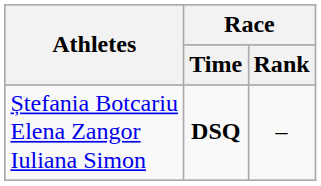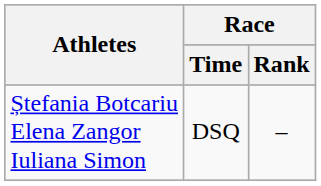 <table class="wikitable" border="1" style="font-size:90%">
 <tr>
 <th rowspan=2>Athletes</th>
 <th colspan=2>Race</th>
 </tr>
 <tr>
 <th>Time</th>
 <th>Rank</th>
 </tr>
 <tr>
 <td><a href='#'>Ștefania Botcariu</a><br><a href='#'>Elena Zangor</a><br><a href='#'>Iuliana Simon</a></td>
-<td align=center><strong>DSQ</strong></td>
+<td align=center>DSQ</td>
 <td align=center>–</td>
 </tr>
 </table>
